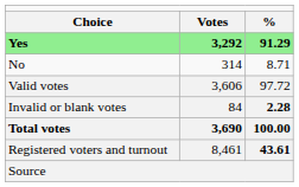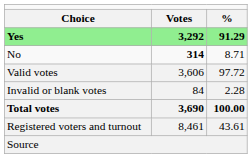 <table class="wikitable" style="text-align:right;">
 <tr>
 <td colspan="6" align="center"></td>
 </tr>
 <tr>
 <th style="width:200px;">Choice</th>
 <th style="width:70px;">Votes</th>
 <th style="width:50px;">%</th>
 </tr>
 <tr style="background:lightgreen;">
 <td align="left"> <strong>Yes</strong></td>
 <td><strong>3,292</strong></td>
 <td><strong>91.29</strong></td>
 </tr>
 <tr>
 <td align="left">No</td>
-<td>314</td>
+<td><strong>314</strong></td>
 <td>8.71</td>
 </tr>
 <tr style="background-color:#F2F2F2">
 <td align="left">Valid votes</td>
 <td>3,606</td>
 <td>97.72</td>
 </tr>
 <tr style="background-color:#F2F2F2">
 <td align="left">Invalid or blank votes</td>
 <td>84</td>
-<td><strong>2.28</strong></td>
+<td>2.28</td>
 </tr>
 <tr style="background-color:#F2F2F2">
 <td align="left"><strong>Total votes</strong></td>
 <td><strong>3,690</strong></td>
 <td><strong>100.00</strong></td>
 </tr>
 <tr style="background-color:#F2F2F2">
 <td align="left">Registered voters and turnout</td>
 <td>8,461</td>
-<td><strong>43.61</strong></td>
+<td>43.61</td>
 </tr>
 <tr style="background-color:#F2F2F2">
 <td colspan="3" align="left">Source</td>
 </tr>
 </table>
